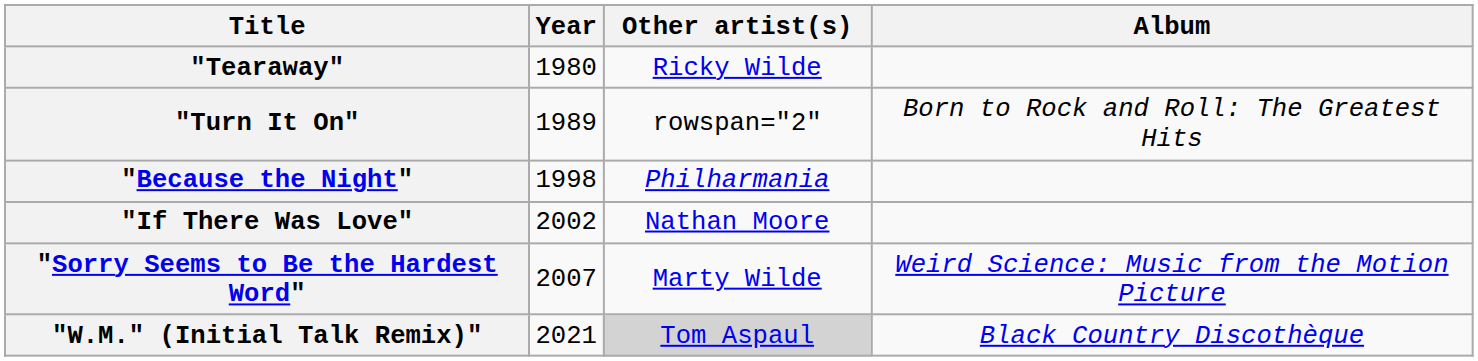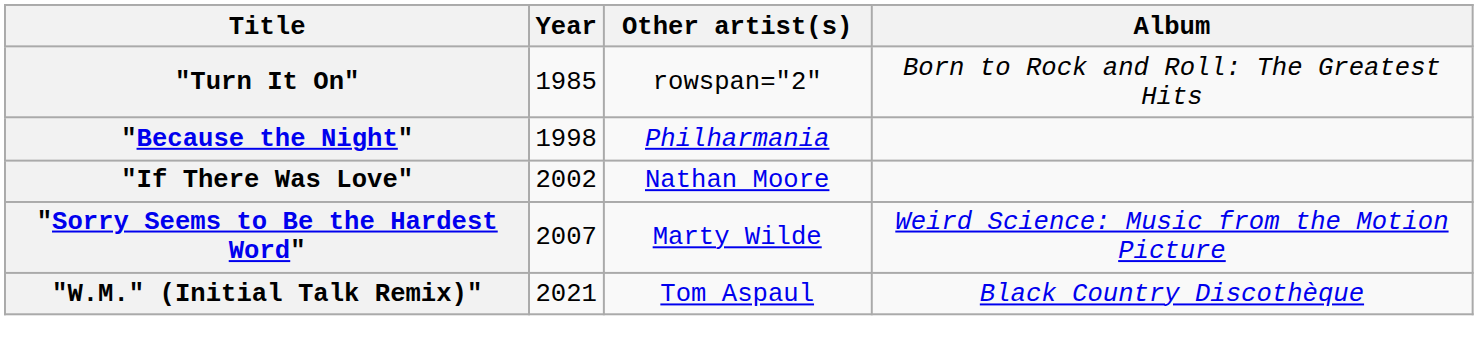 <table class="wikitable plainrowheaders" style="text-align:center;">
 <tr>
 <th scope="col" style="width:20em;">Title</th>
 <th scope="col" style="width:1em;">Year</th>
 <th scope="col" style="width:10em;">Other artist(s)</th>
 <th scope="col" style="width:23em;">Album</th>
 </tr>
 <tr>
-<th scope="row">"Tearaway"</th>
-<td>1980</td>
-<td><a href='#'>Ricky Wilde</a></td>
-<td></td>
-</tr>
-<tr>
 <th scope="row">"Turn It On"</th>
-<td>1989</td>
+<td>1985</td>
 <td>rowspan="2" </td>
 <td><em>Born to Rock and Roll: The Greatest Hits</em></td>
 </tr>
 <tr>
 <th scope="row">"<a href='#'>Because the Night</a>"</th>
 <td>1998</td>
 <td><em><a href='#'>Philharmania</a></em></td>
 </tr>
 <tr>
 <th scope="row">"If There Was Love"</th>
 <td>2002</td>
 <td><a href='#'>Nathan Moore</a></td>
 <td></td>
 </tr>
 <tr>
 <th scope="row">"<a href='#'>Sorry Seems to Be the Hardest Word</a>"</th>
 <td>2007</td>
 <td><a href='#'>Marty Wilde</a></td>
 <td><em><a href='#'>Weird Science: Music from the Motion Picture</a></em></td>
 </tr>
 <tr>
 <th scope="row">"W.M." (Initial Talk Remix)"</th>
 <td>2021</td>
-<td style="background: lightgrey;"><a href='#'>Tom Aspaul</a></td>
+<td><a href='#'>Tom Aspaul</a></td>
 <td><em><a href='#'>Black Country Discothèque</a></em></td>
 </tr>
 </table>
